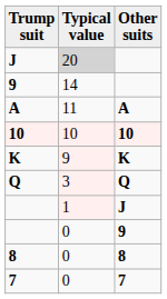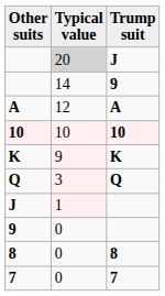 <table class="wikitable" align="right" style="margin-left:0.5em">
 <tr>
+<th style="background:#efefef;">Other<br>suits</th>
+<th style="background:#efefef;">Typical<br>value</th>
 <th style="background:#efefef;">Trump<br>suit</th>
-<th style="background:#efefef;">Typical<br>value</th>
-<th style="background:#efefef;">Other<br>suits</th>
 </tr>
 <tr>
+<td></td>
+<td style="background: lightgrey;">20</td>
 <td><strong>J</strong></td>
-<td style="background: lightgrey;">20</td>
-<td></td>
 </tr>
 <tr>
+<td></td>
+<td>14</td>
 <td><strong>9</strong></td>
-<td>14</td>
-<td></td>
 </tr>
 <tr>
 <td><strong>A</strong></td>
-<td>11</td>
+<td>12</td>
 <td><strong>A</strong></td>
 </tr>
 <tr style="background:#ffefef;">
 <td><strong>10</strong></td>
 <td>10</td>
 <td><strong>10</strong></td>
 </tr>
 <tr>
 <td><strong>K</strong></td>
 <td style="background:#ffefef;">9</td>
 <td><strong>K</strong></td>
 </tr>
 <tr>
 <td><strong>Q</strong></td>
 <td style="background:#ffefef;">3</td>
 <td><strong>Q</strong></td>
 </tr>
 <tr>
+<td><strong>J</strong></td>
+<td style="background:#ffefef;">1</td>
 <td></td>
-<td style="background:#ffefef;">1</td>
-<td><strong>J</strong></td>
 </tr>
 <tr>
+<td><strong>9</strong></td>
+<td>0</td>
 <td></td>
-<td>0</td>
-<td><strong>9</strong></td>
 </tr>
 <tr>
 <td><strong>8</strong></td>
 <td>0</td>
 <td><strong>8</strong></td>
 </tr>
 <tr>
 <td><strong>7</strong></td>
 <td>0</td>
 <td><strong>7</strong></td>
 </tr>
 </table>
